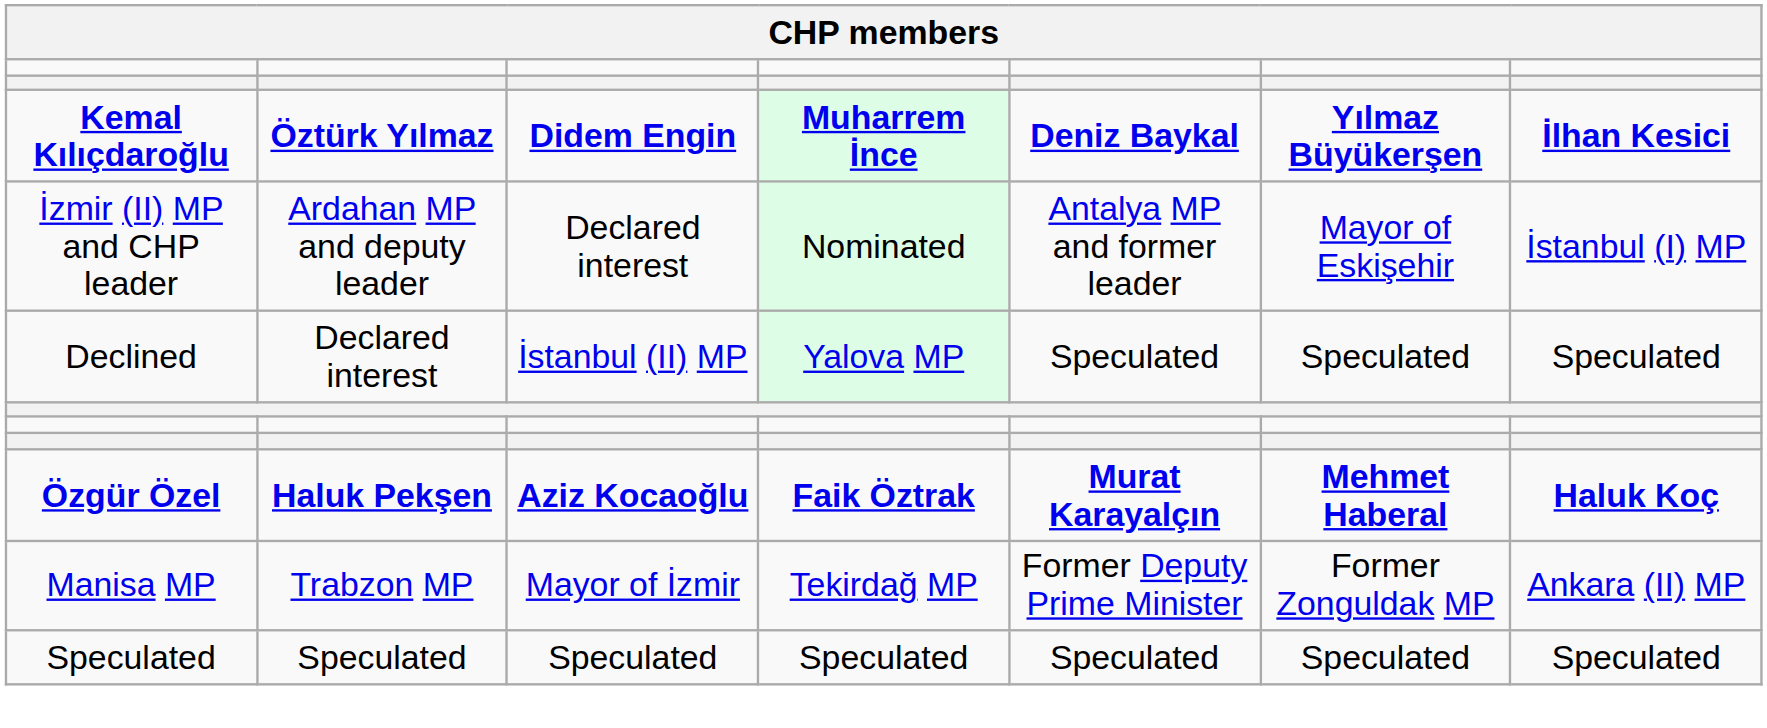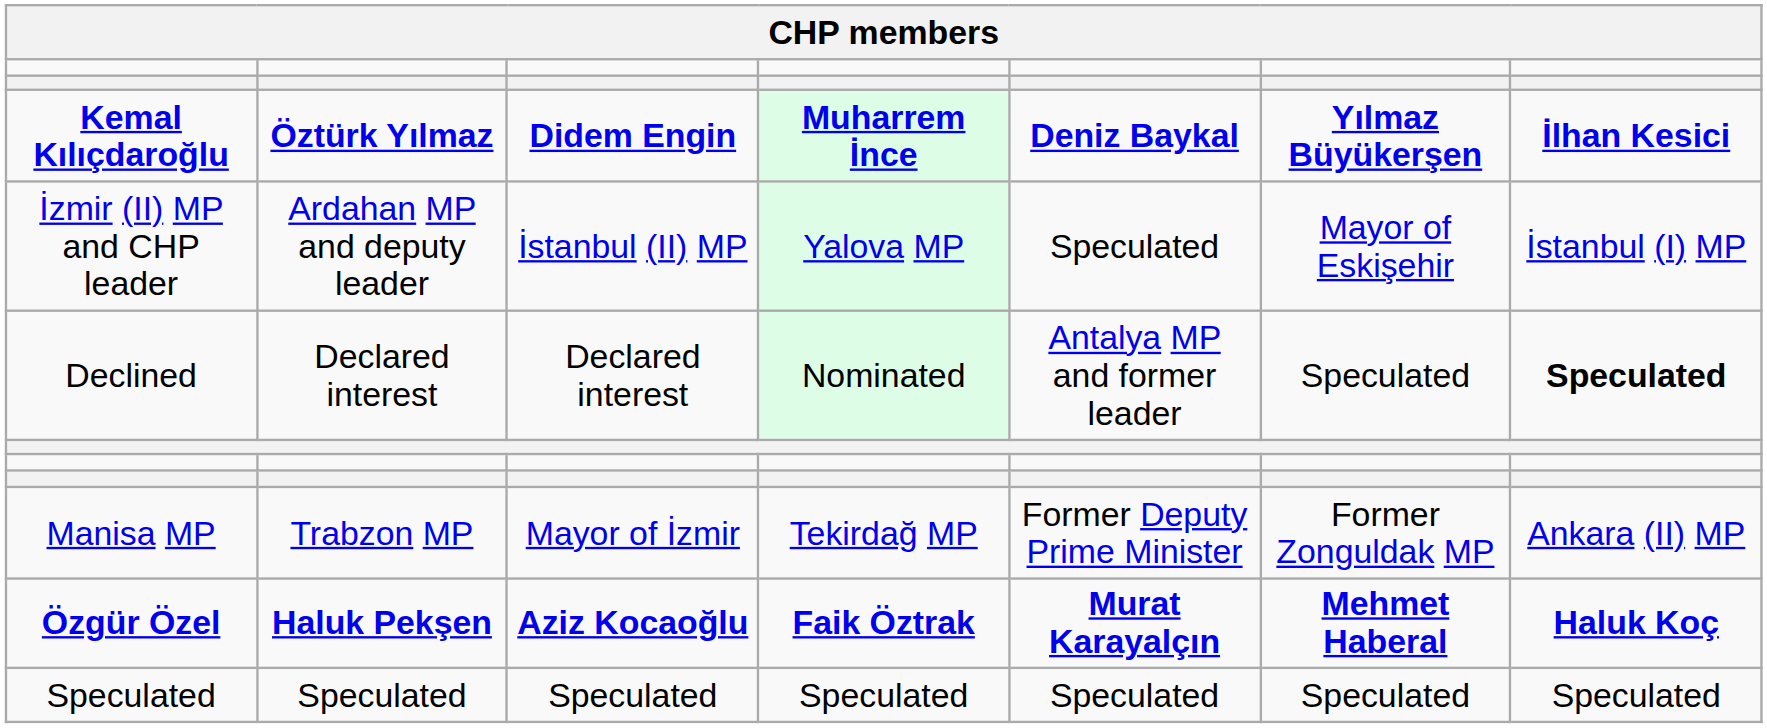 <table class="wikitable" style="margin:1em auto; font-size:90%; text-align:center;">
 <tr>
 <th colspan=7>CHP members</th>
 </tr>
 <tr>
 <td></td>
 <td></td>
 <td></td>
 <td></td>
 <td></td>
 <td></td>
 <td></td>
 </tr>
 <tr>
 <th style="width:100px; font-size:100%; background:"></th>
 <th style="width:100px; font-size:100%; background:"></th>
 <th style="width:100px; font-size:100%; background:"></th>
 <th style="width:100px; font-size:100%; background:"></th>
 <th style="width:100px; font-size:100%; background:"></th>
 <th style="width:100px; font-size:100%; background:"></th>
 <th style="width:100px; font-size:100%; background:"></th>
 </tr>
 <tr>
 <td><strong><a href='#'>Kemal Kılıçdaroğlu</a></strong></td>
 <td><strong><a href='#'>Öztürk Yılmaz</a></strong></td>
 <td><strong><a href='#'>Didem Engin</a></strong></td>
 <td style="width:100px; font-size:100%; background:#DEFDE6;"><strong><a href='#'>Muharrem İnce</a></strong></td>
 <td><strong><a href='#'>Deniz Baykal</a></strong></td>
 <td><strong><a href='#'>Yılmaz Büyükerşen</a></strong></td>
 <td><strong><a href='#'>İlhan Kesici</a></strong></td>
 </tr>
 <tr>
 <td><a href='#'>İzmir</a> <a href='#'>(II)</a> <a href='#'>MP</a> and CHP leader</td>
 <td><a href='#'>Ardahan</a> <a href='#'>MP</a> and deputy leader</td>
-<td>Declared interest</td>
-<td style="width:100px; font-size:100%; background:#DEFDE6;">Nominated </td>
-<td><a href='#'>Antalya</a> <a href='#'>MP</a> and former leader</td>
+<td><a href='#'>İstanbul</a> <a href='#'>(II)</a> <a href='#'>MP</a></td>
+<td style="width:100px; font-size:100%; background:#DEFDE6;"><a href='#'>Yalova</a> <a href='#'>MP</a></td>
+<td>Speculated</td>
 <td><a href='#'>Mayor of Eskişehir</a></td>
 <td><a href='#'>İstanbul</a> <a href='#'>(I)</a> <a href='#'>MP</a></td>
 </tr>
 <tr>
 <td>Declined</td>
 <td>Declared interest</td>
-<td><a href='#'>İstanbul</a> <a href='#'>(II)</a> <a href='#'>MP</a></td>
-<td style="width:100px; font-size:100%; background:#DEFDE6;"><a href='#'>Yalova</a> <a href='#'>MP</a></td>
+<td>Declared interest</td>
+<td style="width:100px; font-size:100%; background:#DEFDE6;">Nominated </td>
+<td><a href='#'>Antalya</a> <a href='#'>MP</a> and former leader</td>
 <td>Speculated</td>
-<td>Speculated</td>
-<td>Speculated</td>
+<td><strong>Speculated</strong></td>
 </tr>
 <tr>
 <th colspan=7></th>
 </tr>
 <tr>
 <td></td>
 <td></td>
 <td></td>
 <td></td>
 <td></td>
 <td></td>
 <td></td>
 </tr>
 <tr>
 <th style="width:100px; font-size:100%; background:"></th>
 <th style="width:100px; font-size:100%; background:"></th>
 <th style="width:100px; font-size:100%; background:"></th>
 <th style="width:100px; font-size:100%; background:"></th>
 <th style="width:100px; font-size:100%; background:"></th>
 <th style="width:100px; font-size:100%; background:"></th>
 <th style="width:100px; font-size:100%; background:"></th>
 </tr>
 <tr>
+<td><a href='#'>Manisa</a> <a href='#'>MP</a></td>
+<td><a href='#'>Trabzon</a> <a href='#'>MP</a></td>
+<td><a href='#'>Mayor of İzmir</a></td>
+<td><a href='#'>Tekirdağ</a> <a href='#'>MP</a></td>
+<td>Former <a href='#'>Deputy Prime Minister</a></td>
+<td>Former <a href='#'>Zonguldak</a> <a href='#'>MP</a></td>
+<td><a href='#'>Ankara</a> <a href='#'>(II)</a> <a href='#'>MP</a></td>
+</tr>
+<tr>
 <td><strong><a href='#'>Özgür Özel</a></strong></td>
 <td><strong><a href='#'>Haluk Pekşen</a></strong></td>
 <td><strong><a href='#'>Aziz Kocaoğlu</a></strong></td>
 <td><strong><a href='#'>Faik Öztrak</a></strong></td>
 <td><strong><a href='#'>Murat Karayalçın</a></strong></td>
 <td><strong><a href='#'>Mehmet Haberal</a></strong></td>
 <td><strong><a href='#'>Haluk Koç</a></strong></td>
-</tr>
-<tr>
-<td><a href='#'>Manisa</a> <a href='#'>MP</a></td>
-<td><a href='#'>Trabzon</a> <a href='#'>MP</a></td>
-<td><a href='#'>Mayor of İzmir</a></td>
-<td><a href='#'>Tekirdağ</a> <a href='#'>MP</a></td>
-<td>Former <a href='#'>Deputy Prime Minister</a></td>
-<td>Former <a href='#'>Zonguldak</a> <a href='#'>MP</a></td>
-<td><a href='#'>Ankara</a> <a href='#'>(II)</a> <a href='#'>MP</a></td>
 </tr>
 <tr>
 <td>Speculated</td>
 <td>Speculated</td>
 <td>Speculated</td>
 <td>Speculated</td>
 <td>Speculated</td>
 <td>Speculated</td>
 <td>Speculated</td>
 </tr>
 </table>
